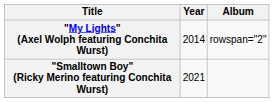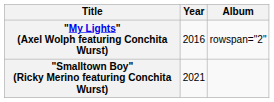 <table class="wikitable plainrowheaders" style="text-align:center;">
 <tr>
 <th scope="col" style="width:17em;">Title</th>
 <th scope="col" style="width:1em;">Year</th>
 <th scope="col">Album</th>
 </tr>
 <tr>
 <th scope="row">"<a href='#'>My Lights</a>"<br><span>(Axel Wolph featuring Conchita Wurst)</span></th>
-<td>2014</td>
+<td>2016</td>
 <td>rowspan="2" </td>
 </tr>
 <tr>
 <th scope="row">"Smalltown Boy"<br><span>(Ricky Merino featuring Conchita Wurst)</span></th>
 <td>2021</td>
 </tr>
 </table>
